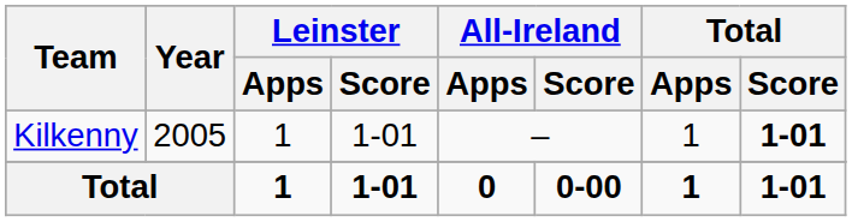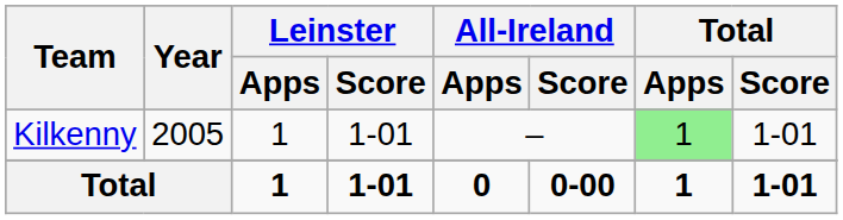 <table class="wikitable" style="text-align:center">
 <tr>
 <th rowspan="2">Team</th>
 <th rowspan="2">Year</th>
 <th colspan="2"><a href='#'>Leinster</a></th>
 <th colspan="2"><a href='#'>All-Ireland</a></th>
 <th colspan="2">Total</th>
 </tr>
 <tr>
 <th>Apps</th>
 <th>Score</th>
 <th>Apps</th>
 <th>Score</th>
 <th>Apps</th>
 <th>Score</th>
 </tr>
 <tr>
 <td rowspan="1"><a href='#'>Kilkenny</a></td>
 <td>2005</td>
 <td>1</td>
 <td>1-01</td>
 <td colspan=2>–</td>
-<td>1</td>
-<td><strong>1-01</strong></td>
+<td style="background: lightgreen;">1</td>
+<td>1-01</td>
 </tr>
 <tr>
 </tr>
 <tr>
 <th colspan="2">Total</th>
 <td><strong>1</strong></td>
 <td><strong>1-01</strong></td>
 <td><strong>0</strong></td>
 <td><strong>0-00</strong></td>
 <td><strong>1</strong></td>
 <td><strong>1-01</strong></td>
 </tr>
 </table>
